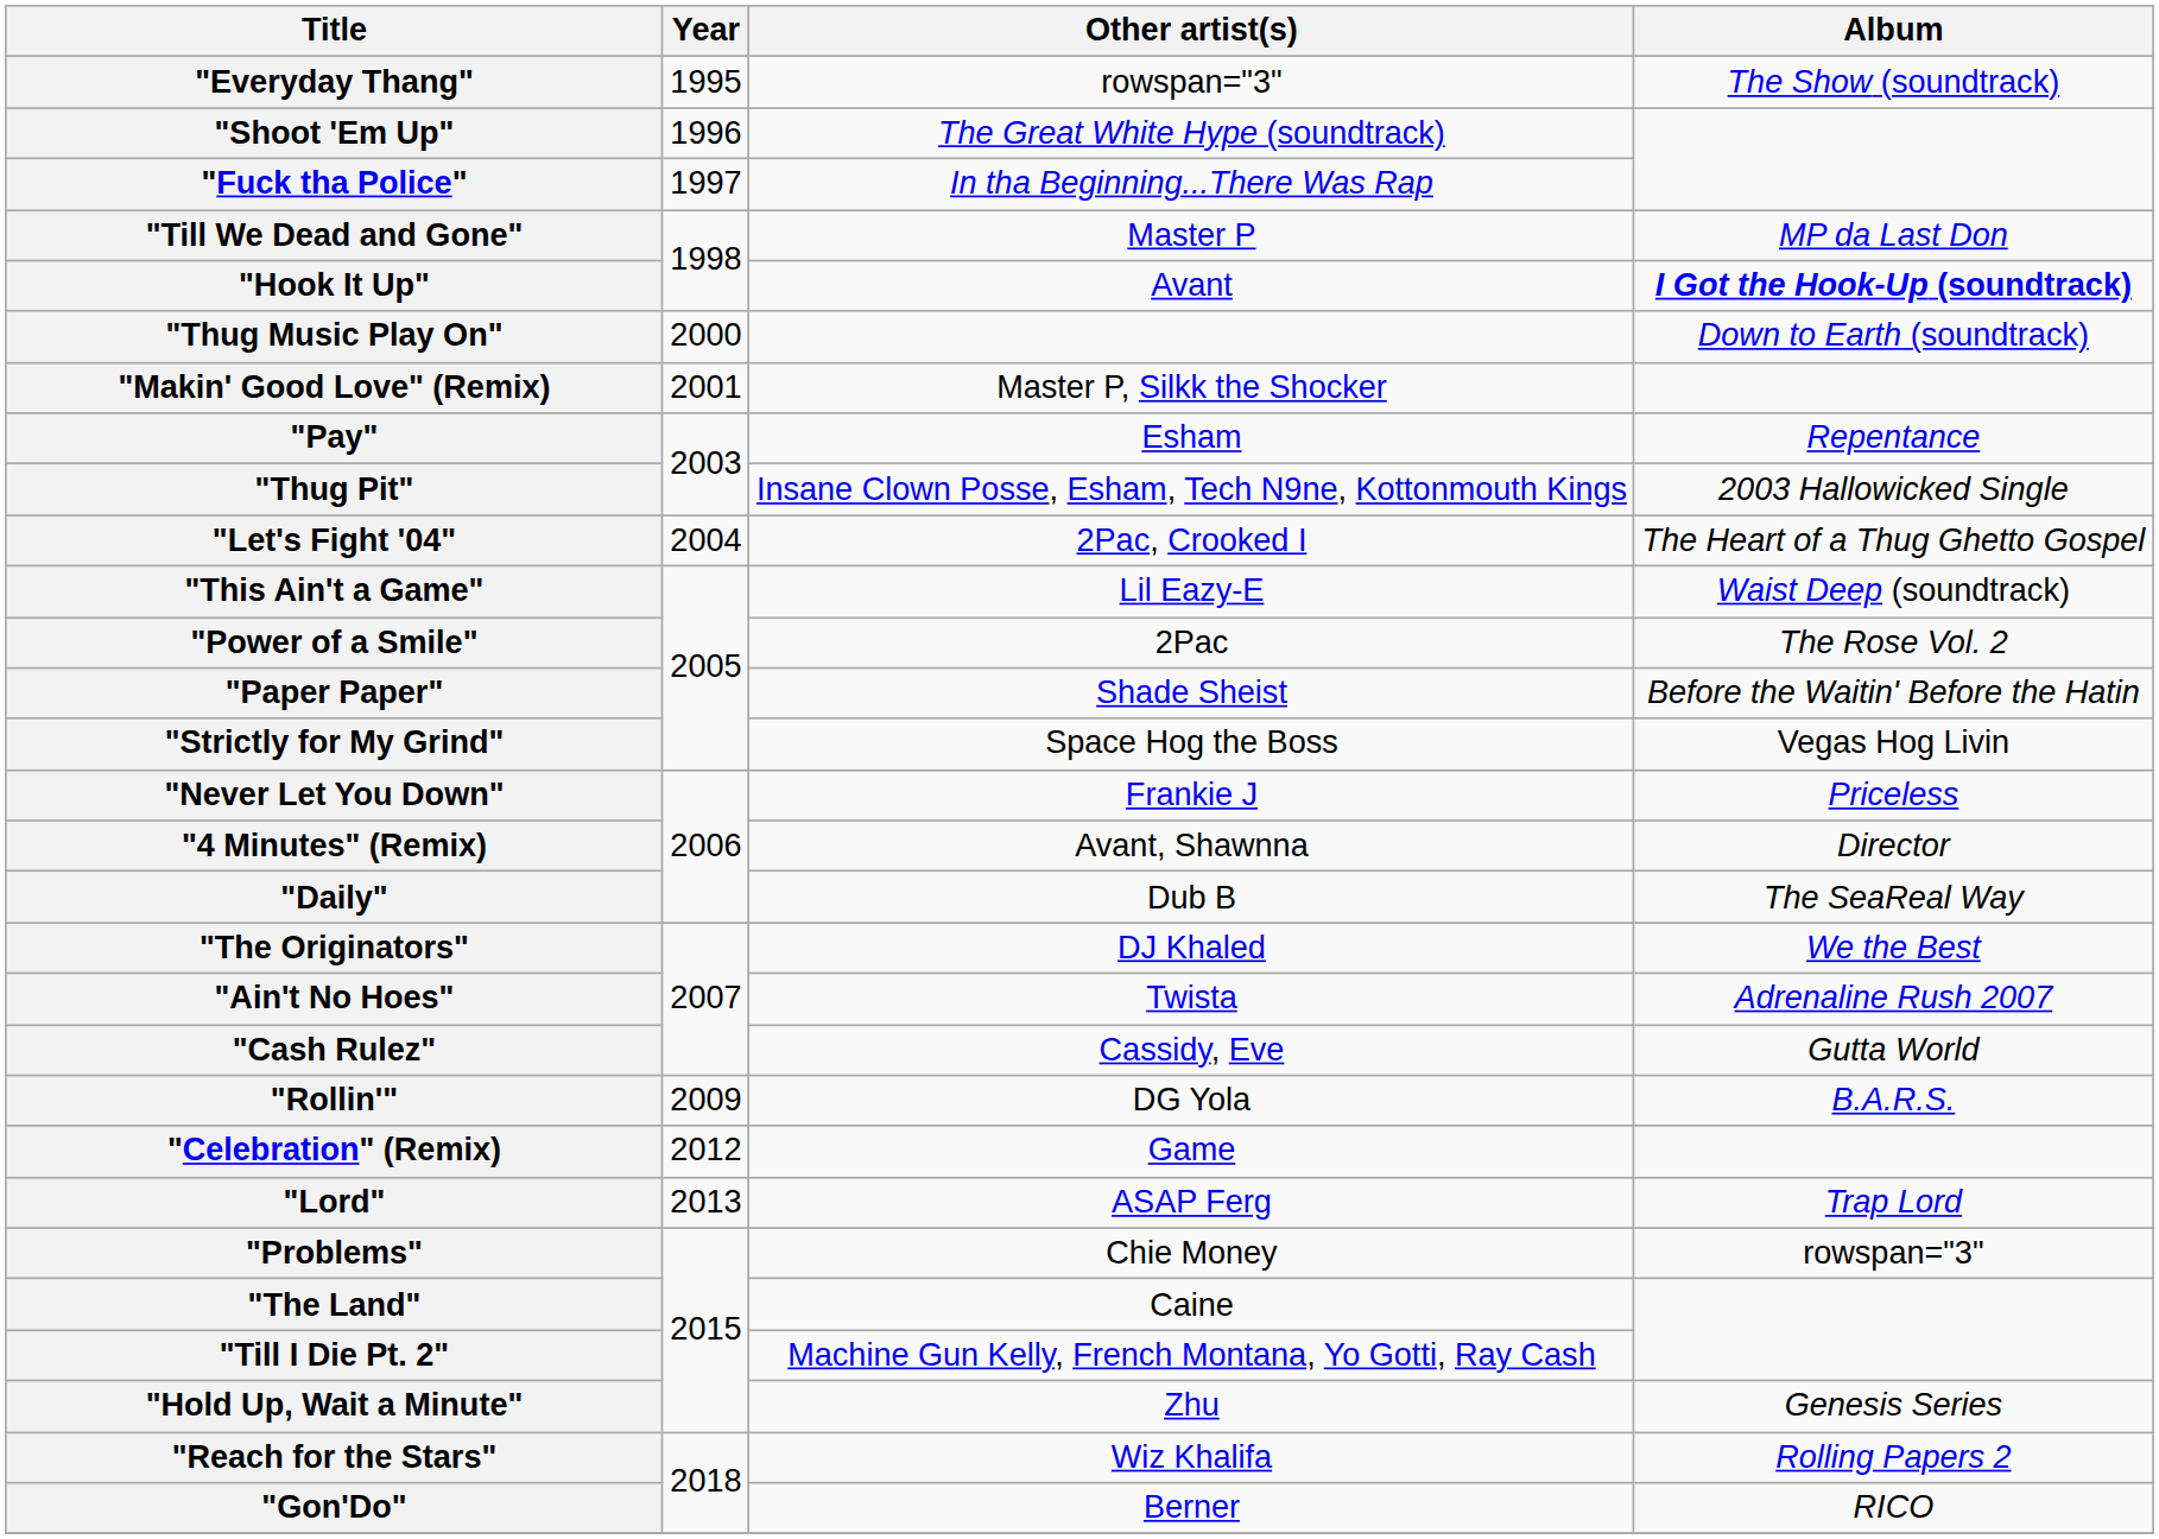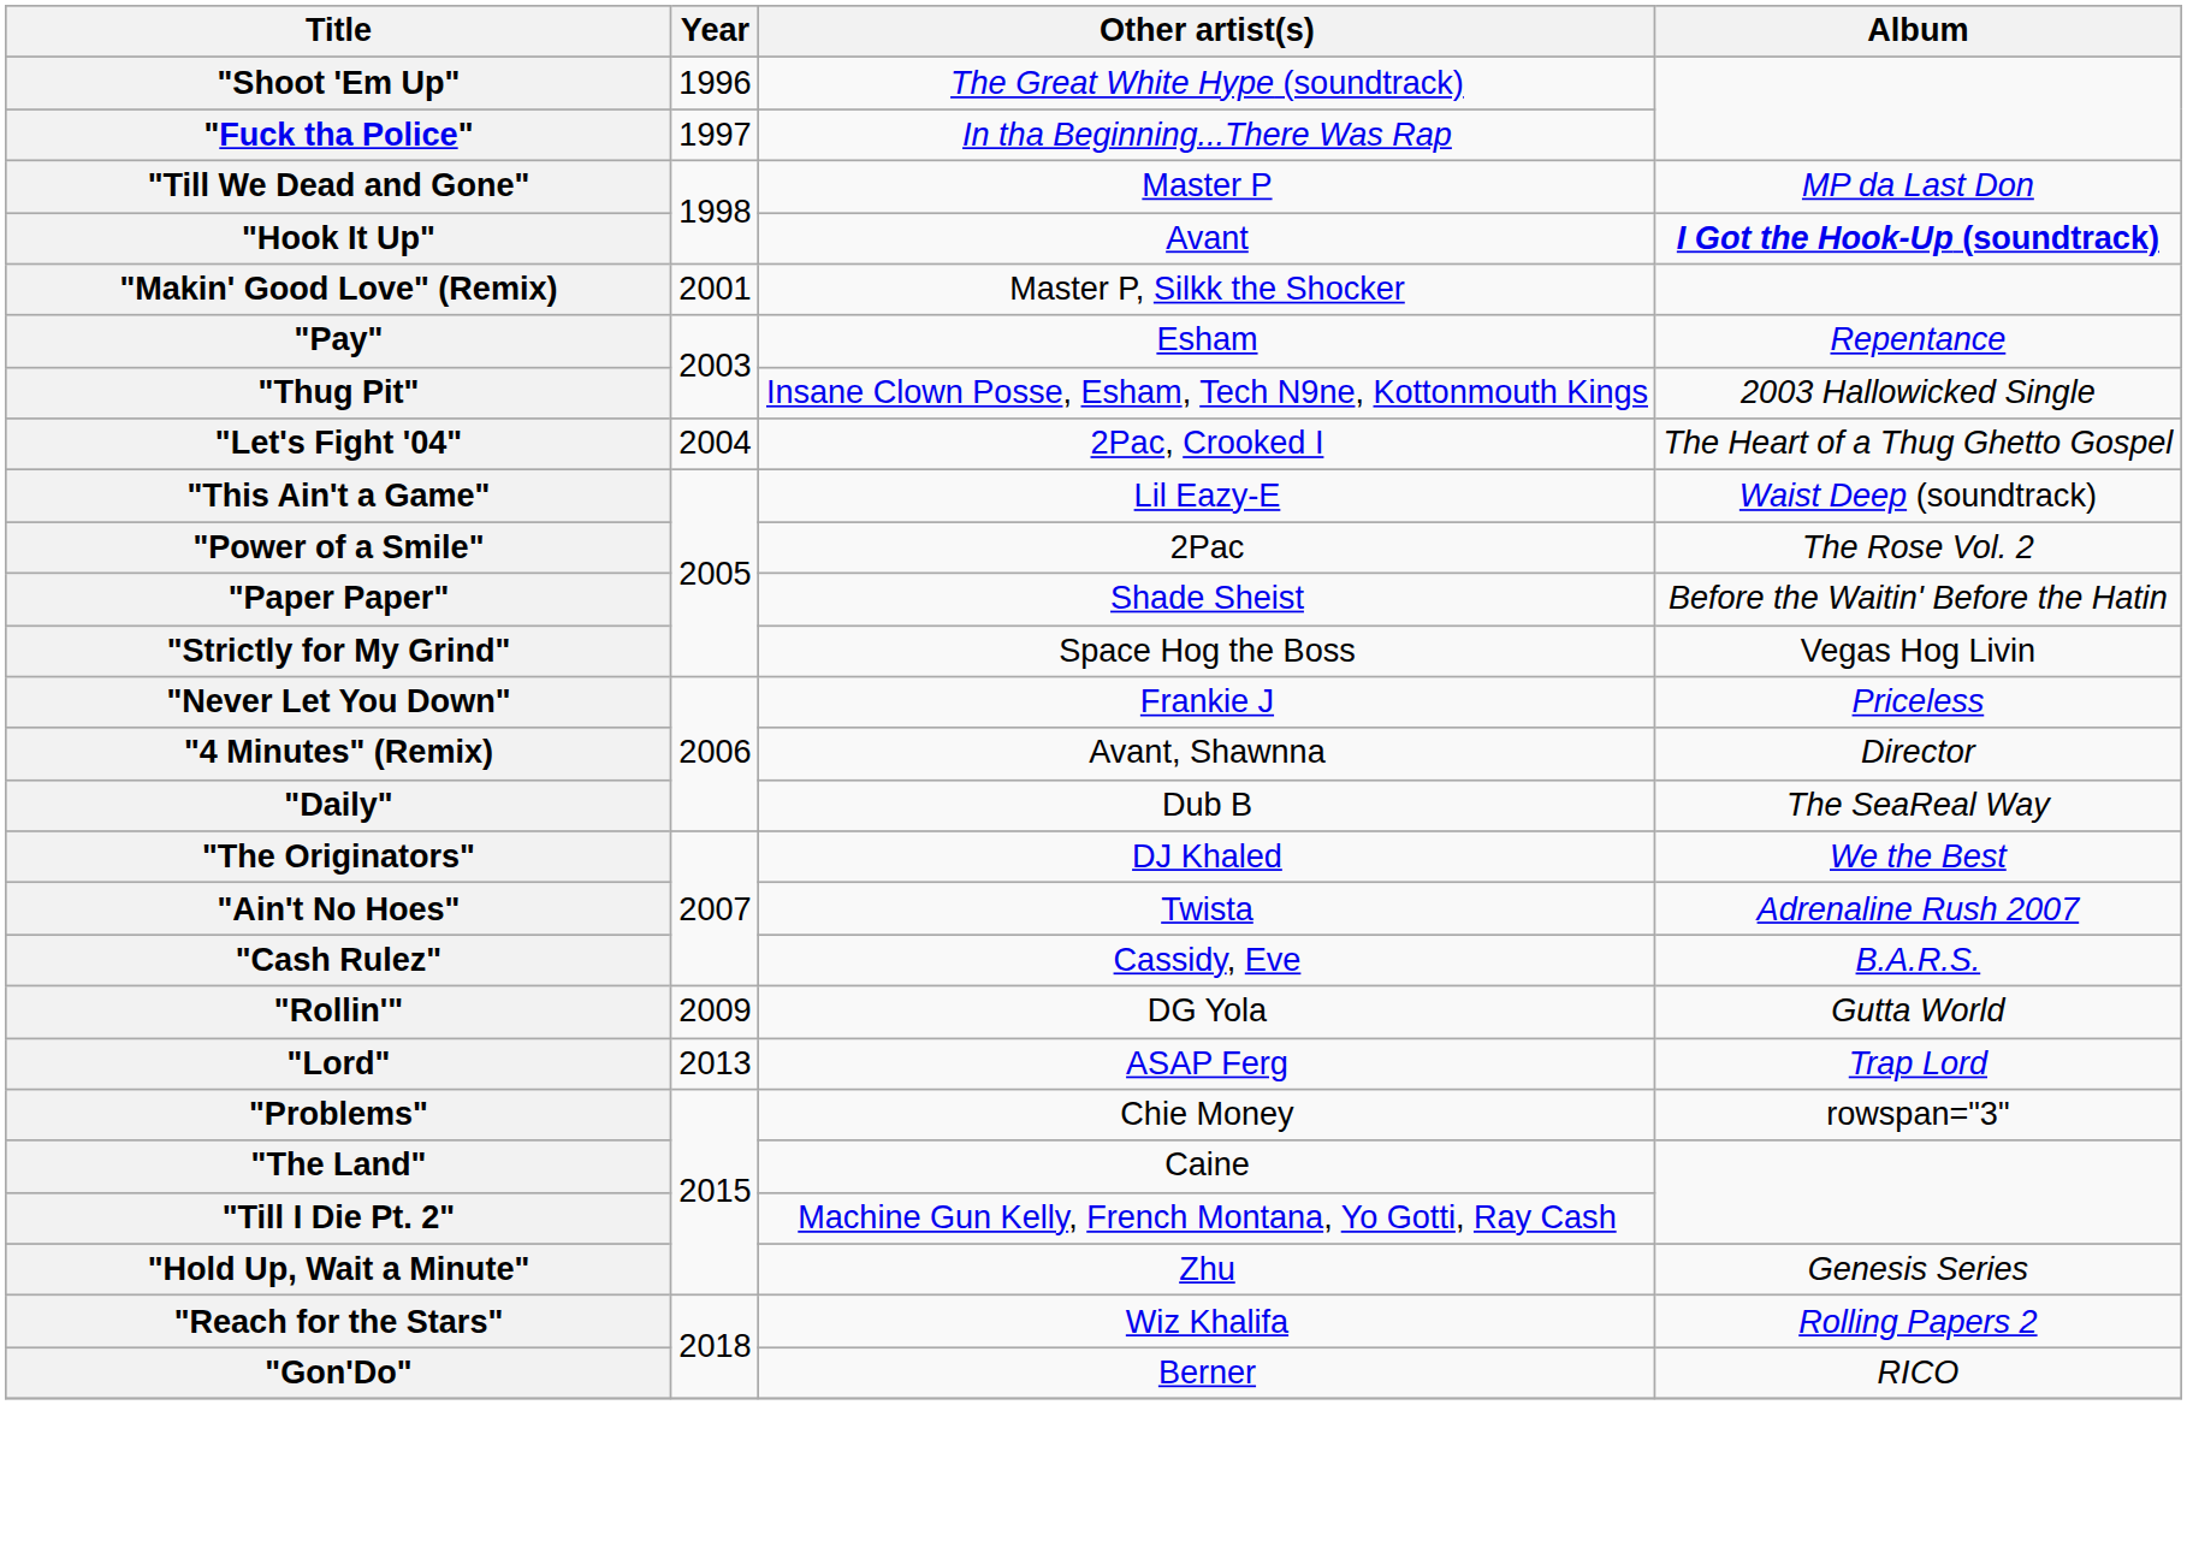 <table class="wikitable plainrowheaders" style="text-align:center;">
 <tr>
 <th scope="col" style="width:20em;">Title</th>
 <th scope="col">Year</th>
 <th scope="col">Other artist(s)</th>
 <th scope="col">Album</th>
-</tr>
-<tr>
-<th scope="row">"Everyday Thang"</th>
-<td>1995</td>
-<td>rowspan="3" </td>
-<td><a href='#'><em>The Show</em> (soundtrack)</a></td>
 </tr>
 <tr>
 <th scope="row">"Shoot 'Em Up"</th>
 <td>1996</td>
 <td><a href='#'><em>The Great White Hype</em> (soundtrack)</a></td>
 </tr>
 <tr>
 <th scope="row">"<a href='#'>Fuck tha Police</a>"</th>
 <td>1997</td>
 <td><em><a href='#'>In tha Beginning...There Was Rap</a></em></td>
 </tr>
 <tr>
 <th scope="row">"Till We Dead and Gone"</th>
 <td rowspan="2">1998</td>
 <td><a href='#'>Master P</a></td>
 <td><em><a href='#'>MP da Last Don</a></em></td>
 </tr>
 <tr>
 <th scope="row">"Hook It Up"</th>
 <td><a href='#'>Avant</a></td>
 <td><strong><a href='#'><em>I Got the Hook-Up</em> (soundtrack)</a></strong></td>
-</tr>
-<tr>
-<th scope="row">"Thug Music Play On"</th>
-<td>2000</td>
-<td></td>
-<td><a href='#'><em>Down to Earth</em> (soundtrack)</a></td>
 </tr>
 <tr>
 <th scope="row">"Makin' Good Love" (Remix)</th>
 <td>2001</td>
 <td>Master P, <a href='#'>Silkk the Shocker</a></td>
 <td></td>
 </tr>
 <tr>
 <th scope="row">"Pay"</th>
 <td rowspan="2">2003</td>
 <td><a href='#'>Esham</a></td>
 <td><em><a href='#'>Repentance</a></em></td>
 </tr>
 <tr>
 <th scope="row">"Thug Pit"</th>
 <td><a href='#'>Insane Clown Posse</a>, <a href='#'>Esham</a>, <a href='#'>Tech N9ne</a>, <a href='#'>Kottonmouth Kings</a></td>
 <td><em>2003 Hallowicked Single</em></td>
 </tr>
 <tr>
 <th scope="row">"Let's Fight '04"</th>
 <td>2004</td>
 <td><a href='#'>2Pac</a>, <a href='#'>Crooked I</a></td>
 <td><em>The Heart of a Thug Ghetto Gospel</em></td>
 </tr>
 <tr>
 <th scope="row">"This Ain't a Game"</th>
 <td rowspan="4">2005</td>
 <td><a href='#'>Lil Eazy-E</a></td>
 <td><em><a href='#'>Waist Deep</a></em> (soundtrack)</td>
 </tr>
 <tr>
 <th scope="row">"Power of a Smile"</th>
 <td>2Pac</td>
 <td><em>The Rose Vol. 2</em></td>
 </tr>
 <tr>
 <th scope="row">"Paper Paper"</th>
 <td><a href='#'>Shade Sheist</a></td>
 <td><em>Before the Waitin' Before the Hatin<strong></td>
 </tr>
 <tr>
 <th scope="row">"Strictly for My Grind"</th>
 <td>Space Hog the Boss</td>
 <td></em>Vegas Hog Livin</strong></td>
 </tr>
 <tr>
 <th scope="row">"Never Let You Down"</th>
 <td rowspan="3">2006</td>
 <td><a href='#'>Frankie J</a></td>
 <td><em><a href='#'>Priceless</a></em></td>
 </tr>
 <tr>
 <th scope="row">"4 Minutes" (Remix)</th>
 <td>Avant, Shawnna</td>
 <td><em>Director</em></td>
 </tr>
 <tr>
 <th scope="row">"Daily"</th>
 <td>Dub B</td>
 <td><em>The SeaReal Way</em></td>
 </tr>
 <tr>
 <th scope="row">"The Originators"</th>
 <td rowspan="3">2007</td>
 <td><a href='#'>DJ Khaled</a></td>
 <td><em><a href='#'>We the Best</a></em></td>
 </tr>
 <tr>
 <th scope="row">"Ain't No Hoes"</th>
 <td><a href='#'>Twista</a></td>
 <td><em><a href='#'>Adrenaline Rush 2007</a></em></td>
 </tr>
 <tr>
 <th scope="row">"Cash Rulez"</th>
 <td><a href='#'>Cassidy</a>, <a href='#'>Eve</a></td>
-<td><em>Gutta World</em></td>
+<td><em><a href='#'>B.A.R.S.</a></em></td>
 </tr>
 <tr>
 <th scope="row">"Rollin'"</th>
 <td>2009</td>
 <td>DG Yola</td>
-<td><em><a href='#'>B.A.R.S.</a></em></td>
-</tr>
-<tr>
-<th scope="row">"<a href='#'>Celebration</a>" (Remix)</th>
-<td>2012</td>
-<td><a href='#'>Game</a></td>
-<td></td>
+<td><em>Gutta World</em></td>
 </tr>
 <tr>
 <th scope="row">"Lord"</th>
 <td>2013</td>
 <td><a href='#'>ASAP Ferg</a></td>
 <td><em><a href='#'>Trap Lord</a></em></td>
 </tr>
 <tr>
 <th scope="row">"Problems"</th>
 <td rowspan="4">2015</td>
 <td>Chie Money</td>
 <td>rowspan="3" </td>
 </tr>
 <tr>
 <th scope="row">"The Land"</th>
 <td>Caine</td>
 </tr>
 <tr>
 <th scope="row">"Till I Die Pt. 2"</th>
 <td><a href='#'>Machine Gun Kelly</a>, <a href='#'>French Montana</a>, <a href='#'>Yo Gotti</a>, <a href='#'>Ray Cash</a></td>
 </tr>
 <tr>
 <th scope="row">"Hold Up, Wait a Minute"</th>
 <td><a href='#'>Zhu</a></td>
 <td><em>Genesis Series</em></td>
 </tr>
 <tr>
 <th scope="row">"Reach for the Stars"</th>
 <td rowspan="2">2018</td>
 <td><a href='#'>Wiz Khalifa</a></td>
 <td><em><a href='#'>Rolling Papers 2</a></em></td>
 </tr>
 <tr>
 <th scope="row">"Gon'Do"</th>
 <td><a href='#'>Berner</a></td>
 <td><em>RICO</em></td>
 </tr>
 <tr>
 </tr>
 </table>
